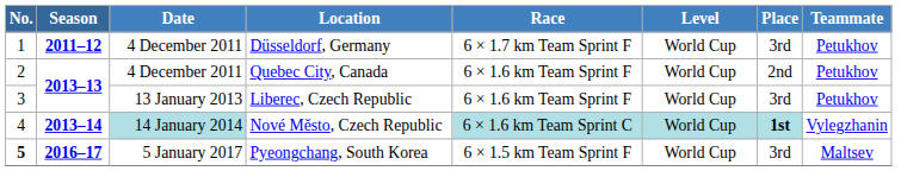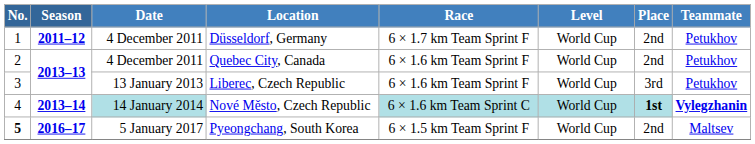 <table class="wikitable sortable" style="font-size:95%; text-align:center; border:grey solid 1px; border-collapse:collapse; background:#ffffff;">
 <tr style="background:#efefef;">
 <th style="background-color:#369; color:white;">No.</th>
 <th style="background-color:#369; color:white;">Season</th>
 <th style="background-color:#4180be; color:white; width:120px;">Date</th>
 <th style="background-color:#4180be; color:white; width:185px;">Location</th>
 <th style="background-color:#4180be; color:white; width:170px;">Race</th>
 <th style="background-color:#4180be; color:white; width:100px;">Level</th>
 <th style="background-color:#4180be; color:white;">Place</th>
 <th style="background-color:#4180be; color:white;">Teammate</th>
 </tr>
 <tr>
 <td align=center>1</td>
 <td rowspan=1 align=center><strong> <a href='#'>2011–12</a> </strong></td>
 <td align=right>4 December 2011</td>
 <td align=left> <a href='#'>Düsseldorf</a>, Germany</td>
 <td>6 × 1.7 km Team Sprint F</td>
 <td>World Cup</td>
-<td>3rd</td>
+<td>2nd</td>
 <td><a href='#'>Petukhov</a></td>
 </tr>
 <tr>
 <td align=center>2</td>
 <td rowspan=2 align=center><strong> <a href='#'>2013–13</a> </strong></td>
 <td align=right>4 December 2011</td>
 <td align=left> <a href='#'>Quebec City</a>, Canada</td>
 <td>6 × 1.6 km Team Sprint F</td>
 <td>World Cup</td>
 <td>2nd</td>
 <td><a href='#'>Petukhov</a></td>
 </tr>
 <tr>
 <td align=center>3</td>
 <td align=right>13 January 2013</td>
 <td align=left> <a href='#'>Liberec</a>, Czech Republic</td>
 <td>6 × 1.6 km Team Sprint F</td>
 <td>World Cup</td>
 <td>3rd</td>
 <td><a href='#'>Petukhov</a></td>
 </tr>
 <tr>
 <td align=center>4</td>
 <td rowspan=1 align=center><strong><a href='#'>2013–14</a></strong></td>
 <td bgcolor="#BOEOE6" align=right>14 January 2014</td>
 <td align=left> <a href='#'>Nové Město</a>, Czech Republic</td>
 <td bgcolor="#BOEOE6">6 × 1.6 km Team Sprint C</td>
 <td bgcolor="#BOEOE6">World Cup</td>
 <td bgcolor="#BOEOE6"><strong>1st</strong></td>
-<td><a href='#'>Vylegzhanin</a></td>
+<td><strong><a href='#'>Vylegzhanin</a></strong></td>
 </tr>
 <tr>
 <td align=center><strong>5</strong></td>
 <td rowspan=1 align=center><strong> <a href='#'>2016–17</a> </strong></td>
 <td align=right>5 January 2017</td>
 <td align=left> <a href='#'>Pyeongchang</a>, South Korea</td>
 <td>6 × 1.5 km Team Sprint F</td>
 <td>World Cup</td>
-<td>3rd</td>
+<td>2nd</td>
 <td><a href='#'>Maltsev</a></td>
 </tr>
 <tr>
 </tr>
 </table>
